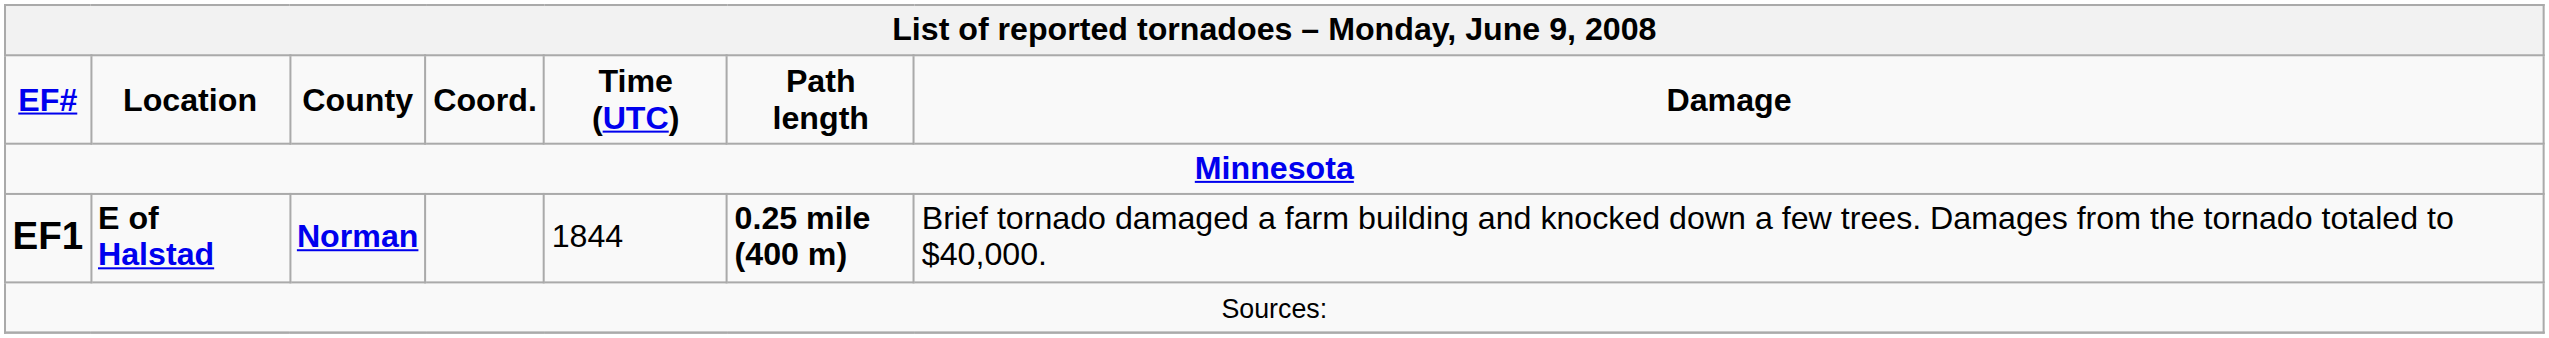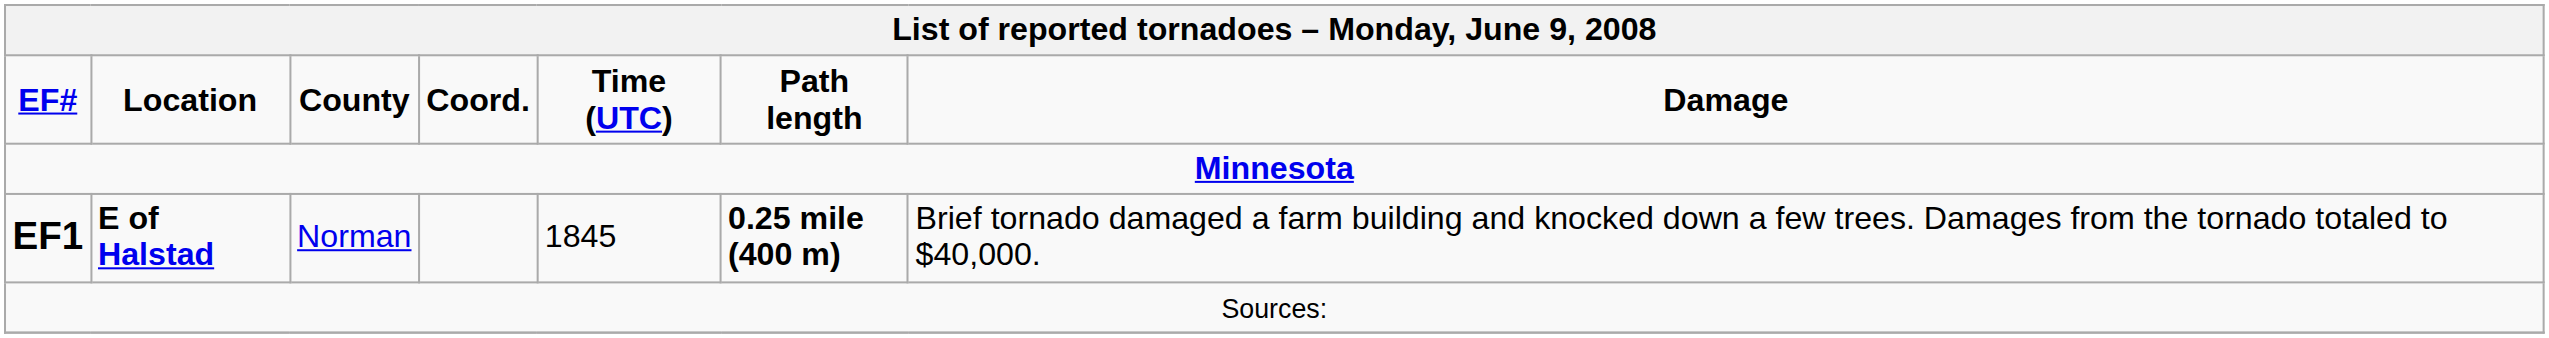 <table class="wikitable collapsible" width="100%">
 <tr>
 <th colspan="7">List of reported tornadoes – Monday, June 9, 2008</th>
 </tr>
 <tr>
 <td style="text-align:center;"><strong><a href='#'>EF#</a></strong></td>
 <td style="text-align:center;"><strong>Location</strong></td>
 <td style="text-align:center;"><strong>County</strong></td>
 <td style="text-align:center;"><strong>Coord.</strong></td>
 <td style="text-align:center;"><strong>Time (<a href='#'>UTC</a>)</strong></td>
 <td style="text-align:center;"><strong>Path length</strong></td>
 <td style="text-align:center;"><strong>Damage</strong></td>
 </tr>
 <tr>
 <td colspan="7" align=center><strong><a href='#'>Minnesota</a></strong></td>
 </tr>
 <tr>
 <td><big><strong>EF1</strong></big></td>
 <td><strong>E of <a href='#'>Halstad</a></strong></td>
-<td><strong><a href='#'>Norman</a></strong></td>
+<td><a href='#'>Norman</a></td>
 <td></td>
-<td>1844</td>
+<td>1845</td>
 <td><strong>0.25 mile<br>(400 m)</strong></td>
 <td>Brief tornado damaged a farm building and knocked down a few trees. Damages from the tornado totaled to $40,000.</td>
 </tr>
 <tr>
 <td colspan="7" align=center><small>Sources:  </small></td>
 </tr>
 <tr>
 </tr>
 </table>
